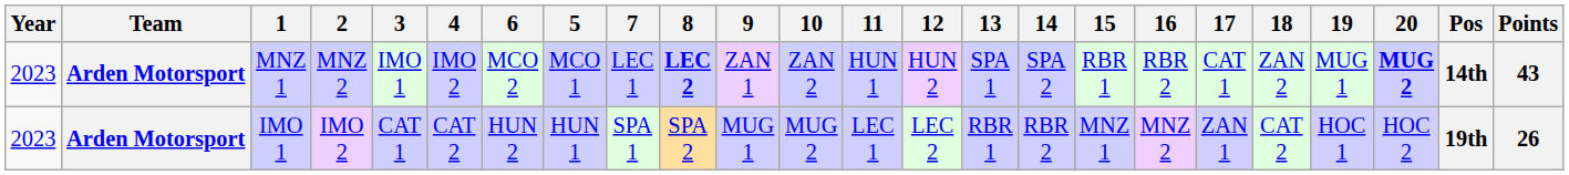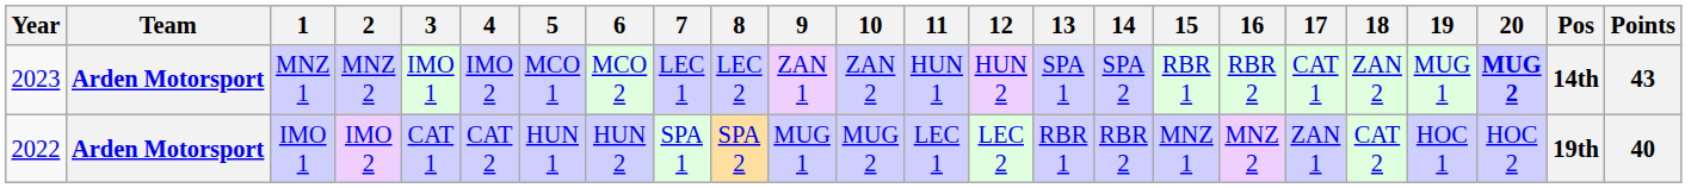 <table class="wikitable" style="text-align:center; font-size:85%">
 <tr>
 <th>Year</th>
 <th>Team</th>
 <th>1</th>
 <th>2</th>
 <th>3</th>
 <th>4</th>
+<th>5</th>
 <th>6</th>
-<th>5</th>
 <th>7</th>
 <th>8</th>
 <th>9</th>
 <th>10</th>
 <th>11</th>
 <th>12</th>
 <th>13</th>
 <th>14</th>
 <th>15</th>
 <th>16</th>
 <th>17</th>
 <th>18</th>
 <th>19</th>
 <th>20</th>
 <th>Pos</th>
 <th>Points</th>
 </tr>
 <tr>
 <td><a href='#'>2023</a></td>
 <th nowrap><a href='#'>Arden Motorsport</a></th>
 <td style="background:#CFCFFF;"><a href='#'>MNZ<br>1</a><br></td>
 <td style="background:#CFCFFF;"><a href='#'>MNZ<br>2</a><br></td>
 <td style="background:#DFFFDF;"><a href='#'>IMO<br>1</a><br></td>
 <td style="background:#CFCFFF;"><a href='#'>IMO<br>2</a><br></td>
+<td style="background:#CFCFFF;"><a href='#'>MCO<br>1</a><br></td>
 <td style="background:#DFFFDF;"><a href='#'>MCO<br>2</a><br></td>
-<td style="background:#CFCFFF;"><a href='#'>MCO<br>1</a><br></td>
 <td style="background:#CFCFFF;"><a href='#'>LEC<br>1</a><br></td>
-<td style="background:#CFCFFF;"><strong><a href='#'>LEC<br>2</a><br></strong></td>
+<td style="background:#CFCFFF;"><a href='#'>LEC<br>2</a><br></td>
 <td style="background:#EFCFFF;"><a href='#'>ZAN<br>1</a><br></td>
 <td style="background:#CFCFFF;"><a href='#'>ZAN<br>2</a><br></td>
 <td style="background:#CFCFFF;"><a href='#'>HUN<br>1</a><br></td>
 <td style="background:#EFCFFF;"><a href='#'>HUN<br>2</a><br></td>
 <td style="background:#CFCFFF;"><a href='#'>SPA<br>1</a><br></td>
 <td style="background:#CFCFFF;"><a href='#'>SPA<br>2</a><br></td>
 <td style="background:#DFFFDF;"><a href='#'>RBR<br>1</a><br></td>
 <td style="background:#DFFFDF;"><a href='#'>RBR<br>2</a><br></td>
 <td style="background:#DFFFDF;"><a href='#'>CAT<br>1</a><br></td>
 <td style="background:#DFFFDF;"><a href='#'>ZAN<br>2</a><br></td>
 <td style="background:#DFFFDF;"><a href='#'>MUG<br>1</a><br></td>
 <td style="background:#CFCFFF;"><strong><a href='#'>MUG<br>2</a><br></strong></td>
 <th>14th</th>
 <th>43</th>
 </tr>
 <tr>
-<td><a href='#'>2023</a></td>
+<td><a href='#'>2022</a></td>
 <th nowrap><a href='#'>Arden Motorsport</a></th>
 <td style="background:#CFCFFF;"><a href='#'>IMO<br>1</a><br></td>
 <td style="background:#EFCFFF;"><a href='#'>IMO<br>2</a><br></td>
 <td style="background:#CFCFFF;"><a href='#'>CAT<br>1</a><br></td>
 <td style="background:#CFCFFF;"><a href='#'>CAT<br>2</a><br></td>
+<td style="background:#CFCFFF;"><a href='#'>HUN<br>1</a><br></td>
 <td style="background:#CFCFFF;"><a href='#'>HUN<br>2</a><br></td>
-<td style="background:#CFCFFF;"><a href='#'>HUN<br>1</a><br></td>
 <td style="background:#DFFFDF;"><a href='#'>SPA<br>1</a><br></td>
 <td style="background:#FFDF9F;"><a href='#'>SPA<br>2</a><br></td>
 <td style="background:#CFCFFF;"><a href='#'>MUG<br>1</a><br></td>
 <td style="background:#CFCFFF;"><a href='#'>MUG<br>2</a><br></td>
 <td style="background:#CFCFFF;"><a href='#'>LEC<br>1</a><br></td>
 <td style="background:#DFFFDF;"><a href='#'>LEC<br>2</a><br></td>
 <td style="background:#CFCFFF;"><a href='#'>RBR<br>1</a><br></td>
 <td style="background:#CFCFFF;"><a href='#'>RBR<br>2</a><br></td>
 <td style="background:#CFCFFF;"><a href='#'>MNZ<br>1</a><br></td>
 <td style="background:#EFCFFF;"><a href='#'>MNZ<br>2</a><br></td>
 <td style="background:#CFCFFF;"><a href='#'>ZAN<br>1</a><br></td>
 <td style="background:#DFFFDF;"><a href='#'>CAT<br>2</a><br></td>
 <td style="background:#CFCFFF;"><a href='#'>HOC<br>1</a><br></td>
 <td style="background:#CFCFFF;"><a href='#'>HOC<br>2</a><br></td>
 <th>19th</th>
-<th>26</th>
+<th>40</th>
 </tr>
 </table>
